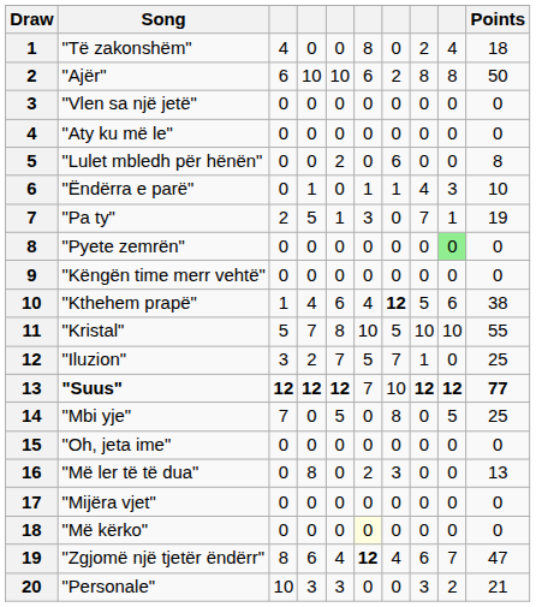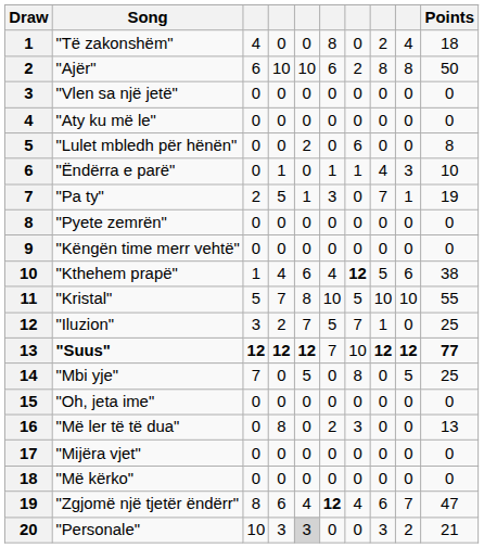 <table class="wikitable collapsible plainrowheaders" style="margin: 1em auto 1em auto; text-align:center;">
 <tr>
 </tr>
 <tr>
 <th scope="col">Draw</th>
 <th scope="col">Song</th>
 <th scope="col"></th>
 <th scope="col"></th>
 <th scope="col"></th>
 <th scope="col"></th>
 <th scope="col"></th>
 <th scope="col"></th>
 <th scope="col"></th>
 <th scope="col">Points</th>
 </tr>
 <tr>
 <th scope="row" style="text-align:center;">1</th>
 <td style="text-align:left;">"Të zakonshëm"</td>
 <td>4</td>
 <td>0</td>
 <td>0</td>
 <td>8</td>
 <td>0</td>
 <td>2</td>
 <td>4</td>
 <td>18</td>
 </tr>
 <tr>
 <th scope="row" style="text-align:center;">2</th>
 <td style="text-align:left;">"Ajër"</td>
 <td>6</td>
 <td>10</td>
 <td>10</td>
 <td>6</td>
 <td>2</td>
 <td>8</td>
 <td>8</td>
 <td>50</td>
 </tr>
 <tr>
 <th scope="row" style="text-align:center;">3</th>
 <td style="text-align:left;">"Vlen sa një jetë"</td>
 <td>0</td>
 <td>0</td>
 <td>0</td>
 <td>0</td>
 <td>0</td>
 <td>0</td>
 <td>0</td>
 <td>0</td>
 </tr>
 <tr>
 <th scope="row" style="text-align:center;">4</th>
 <td style="text-align:left;">"Aty ku më le"</td>
 <td>0</td>
 <td>0</td>
 <td>0</td>
 <td>0</td>
 <td>0</td>
 <td>0</td>
 <td>0</td>
 <td>0</td>
 </tr>
 <tr>
 <th scope="row" style="text-align:center;">5</th>
 <td style="text-align:left;">"Lulet mbledh për hënën"</td>
 <td>0</td>
 <td>0</td>
 <td>2</td>
 <td>0</td>
 <td>6</td>
 <td>0</td>
 <td>0</td>
 <td>8</td>
 </tr>
 <tr>
 <th scope="row" style="text-align:center;">6</th>
 <td style="text-align:left;">"Ëndërra e parë"</td>
 <td>0</td>
 <td>1</td>
 <td>0</td>
 <td>1</td>
 <td>1</td>
 <td>4</td>
 <td>3</td>
 <td>10</td>
 </tr>
 <tr>
 <th scope="row" style="text-align:center;">7</th>
 <td style="text-align:left;">"Pa ty"</td>
 <td>2</td>
 <td>5</td>
 <td>1</td>
 <td>3</td>
 <td>0</td>
 <td>7</td>
 <td>1</td>
 <td>19</td>
 </tr>
 <tr>
 <th scope="row" style="text-align:center;">8</th>
 <td style="text-align:left;">"Pyete zemrën"</td>
 <td>0</td>
 <td>0</td>
 <td>0</td>
 <td>0</td>
 <td>0</td>
 <td>0</td>
-<td style="background: lightgreen;">0</td>
+<td>0</td>
 <td>0</td>
 </tr>
 <tr>
 <th scope="row" style="text-align:center;">9</th>
 <td style="text-align:left;">"Këngën time merr vehtë"</td>
 <td>0</td>
 <td>0</td>
 <td>0</td>
 <td>0</td>
 <td>0</td>
 <td>0</td>
 <td>0</td>
 <td>0</td>
 </tr>
 <tr>
 <th scope="row" style="text-align:center;">10</th>
 <td style="text-align:left;">"Kthehem prapë"</td>
 <td>1</td>
 <td>4</td>
 <td>6</td>
 <td>4</td>
 <td><strong>12</strong></td>
 <td>5</td>
 <td>6</td>
 <td>38</td>
 </tr>
 <tr>
 <th scope="row" style="text-align:center;">11</th>
 <td style="text-align:left;">"Kristal"</td>
 <td>5</td>
 <td>7</td>
 <td>8</td>
 <td>10</td>
 <td>5</td>
 <td>10</td>
 <td>10</td>
 <td>55</td>
 </tr>
 <tr>
 <th scope="row" style="text-align:center;">12</th>
 <td style="text-align:left;">"Iluzion"</td>
 <td>3</td>
 <td>2</td>
 <td>7</td>
 <td>5</td>
 <td>7</td>
 <td>1</td>
 <td>0</td>
 <td>25</td>
 </tr>
 <tr>
 <th scope="row" style="text-align:center; font-weight:bold;">13</th>
 <td style="text-align:left; font-weight:bold;">"Suus"</td>
 <td><strong>12</strong></td>
 <td><strong>12</strong></td>
 <td><strong>12</strong></td>
 <td>7</td>
 <td>10</td>
 <td><strong>12</strong></td>
 <td><strong>12</strong></td>
 <td style="font-weight:bold;">77</td>
 </tr>
 <tr>
 <th scope="row" style="text-align:center;">14</th>
 <td style="text-align:left;">"Mbi yje"</td>
 <td>7</td>
 <td>0</td>
 <td>5</td>
 <td>0</td>
 <td>8</td>
 <td>0</td>
 <td>5</td>
 <td>25</td>
 </tr>
 <tr>
 <th scope="row" style="text-align:center;">15</th>
 <td style="text-align:left;">"Oh, jeta ime"</td>
 <td>0</td>
 <td>0</td>
 <td>0</td>
 <td>0</td>
 <td>0</td>
 <td>0</td>
 <td>0</td>
 <td>0</td>
 </tr>
 <tr>
 <th scope="row" style="text-align:center;">16</th>
 <td style="text-align:left;">"Më ler të të dua"</td>
 <td>0</td>
 <td>8</td>
 <td>0</td>
 <td>2</td>
 <td>3</td>
 <td>0</td>
 <td>0</td>
 <td>13</td>
 </tr>
 <tr>
 <th scope="row" style="text-align:center;">17</th>
 <td style="text-align:left;">"Mijëra vjet"</td>
 <td>0</td>
 <td>0</td>
 <td>0</td>
 <td>0</td>
 <td>0</td>
 <td>0</td>
 <td>0</td>
 <td>0</td>
 </tr>
 <tr>
 <th scope="row" style="text-align:center;">18</th>
 <td style="text-align:left;">"Më kërko"</td>
 <td>0</td>
 <td>0</td>
 <td>0</td>
-<td style="background: lightyellow;">0</td>
+<td>0</td>
 <td>0</td>
 <td>0</td>
 <td>0</td>
 <td>0</td>
 </tr>
 <tr>
 <th scope="row" style="text-align:center;">19</th>
 <td style="text-align:left;">"Zgjomë një tjetër ëndërr"</td>
 <td>8</td>
 <td>6</td>
 <td>4</td>
 <td><strong>12</strong></td>
 <td>4</td>
 <td>6</td>
 <td>7</td>
 <td>47</td>
 </tr>
 <tr>
 <th scope="row" style="text-align:center;">20</th>
 <td style="text-align:left;">"Personale"</td>
 <td>10</td>
 <td>3</td>
-<td>3</td>
+<td style="background: lightgrey;">3</td>
 <td>0</td>
 <td>0</td>
 <td>3</td>
 <td>2</td>
 <td>21</td>
 </tr>
 </table>
